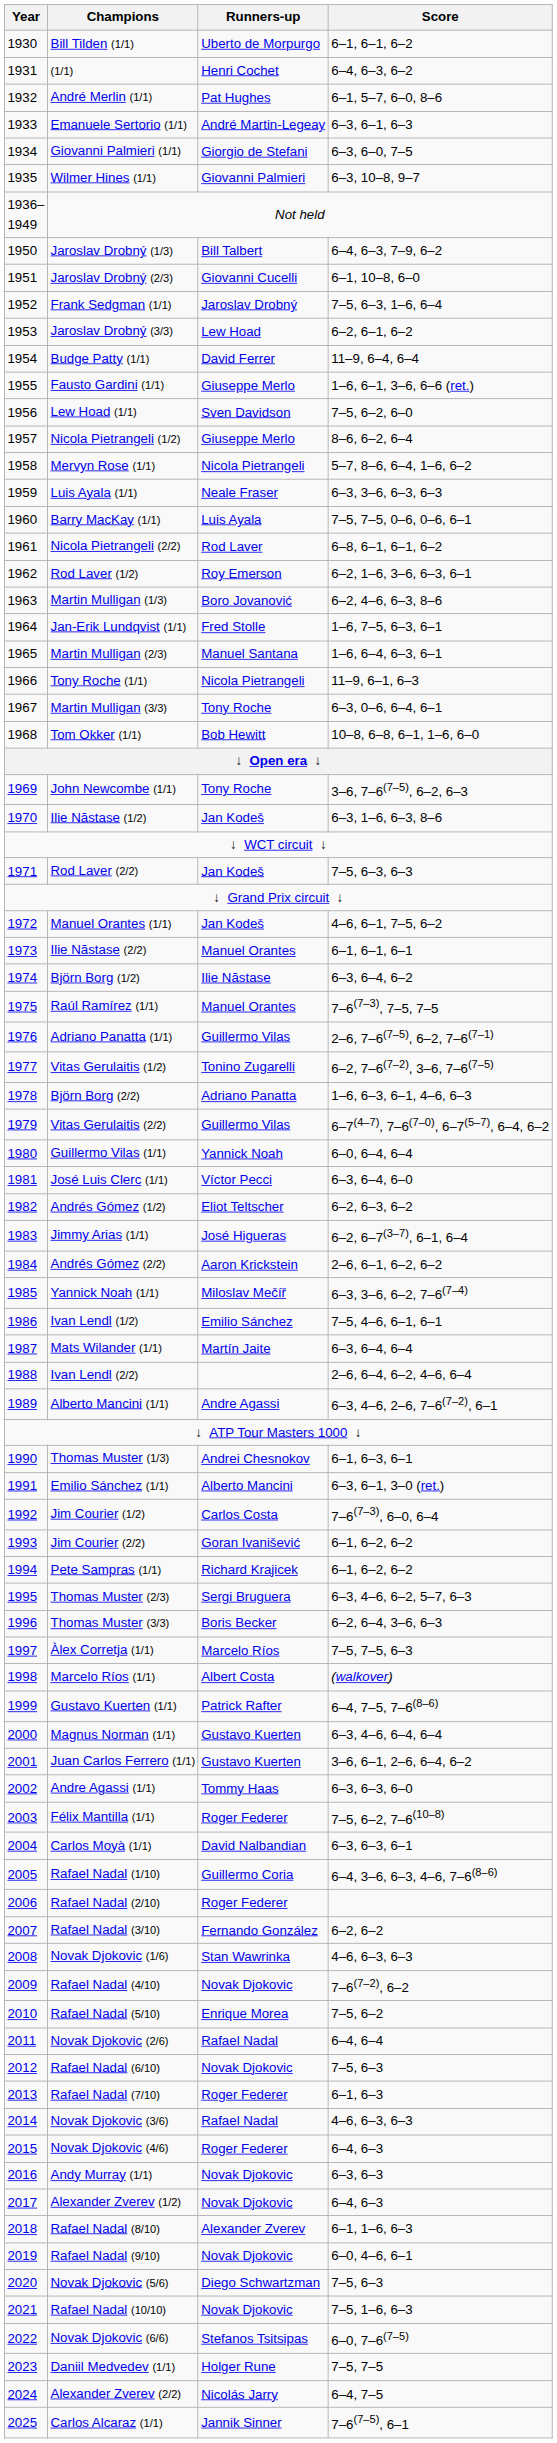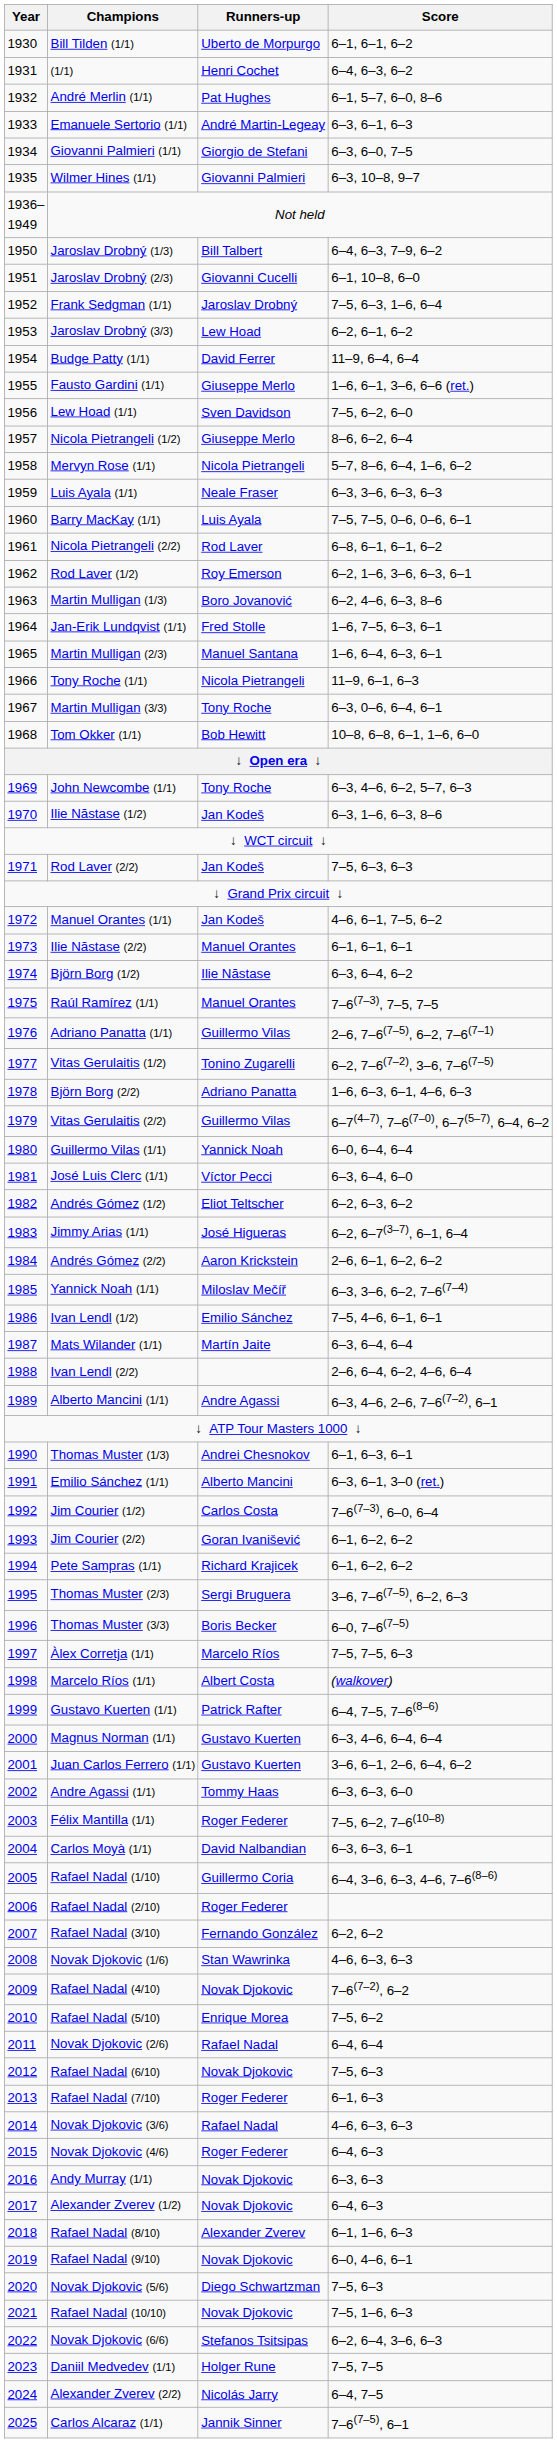 <table class="wikitable sortable" style="font-size:1.00em; line-height:1.5em;">
 <tr>
 <th>Year</th>
 <th>Champions</th>
 <th>Runners-up</th>
 <th class="unsortable">Score</th>
 </tr>
 <tr>
 <td>1930</td>
 <td> <a href='#'>Bill Tilden</a> <small>(1/1)</small></td>
 <td> <a href='#'>Uberto de Morpurgo</a></td>
 <td>6–1, 6–1, 6–2</td>
 </tr>
 <tr>
 <td>1931</td>
 <td> <small>(1/1)</small></td>
 <td> <a href='#'>Henri Cochet</a></td>
 <td>6–4, 6–3, 6–2</td>
 </tr>
 <tr>
 <td>1932</td>
 <td> <a href='#'>André Merlin</a> <small>(1/1)</small></td>
 <td> <a href='#'>Pat Hughes</a></td>
 <td>6–1, 5–7, 6–0, 8–6</td>
 </tr>
 <tr>
 <td>1933</td>
 <td> <a href='#'>Emanuele Sertorio</a> <small>(1/1)</small></td>
 <td> <a href='#'>André Martin-Legeay</a></td>
 <td>6–3, 6–1, 6–3</td>
 </tr>
 <tr>
 <td>1934</td>
 <td> <a href='#'>Giovanni Palmieri</a> <small>(1/1)</small></td>
 <td> <a href='#'>Giorgio de Stefani</a></td>
 <td>6–3, 6–0, 7–5</td>
 </tr>
 <tr>
 <td>1935</td>
 <td> <a href='#'>Wilmer Hines</a> <small>(1/1)</small></td>
 <td> <a href='#'>Giovanni Palmieri</a></td>
 <td>6–3, 10–8, 9–7</td>
 </tr>
 <tr>
 <td>1936–<br>1949</td>
 <td colspan=3 align=center><em>Not held</em></td>
 </tr>
 <tr>
 <td>1950</td>
 <td> <a href='#'>Jaroslav Drobný</a> <small>(1/3)</small></td>
 <td> <a href='#'>Bill Talbert</a></td>
 <td>6–4, 6–3, 7–9, 6–2</td>
 </tr>
 <tr>
 <td>1951</td>
 <td> <a href='#'>Jaroslav Drobný</a> <small>(2/3)</small></td>
 <td> <a href='#'>Giovanni Cucelli</a></td>
 <td>6–1, 10–8, 6–0</td>
 </tr>
 <tr>
 <td>1952</td>
 <td> <a href='#'>Frank Sedgman</a> <small>(1/1)</small></td>
 <td> <a href='#'>Jaroslav Drobný</a></td>
 <td>7–5, 6–3, 1–6, 6–4</td>
 </tr>
 <tr>
 <td>1953</td>
 <td> <a href='#'>Jaroslav Drobný</a> <small>(3/3)</small></td>
 <td> <a href='#'>Lew Hoad</a></td>
 <td>6–2, 6–1, 6–2</td>
 </tr>
 <tr>
 <td>1954</td>
 <td> <a href='#'>Budge Patty</a> <small>(1/1)</small></td>
 <td> <a href='#'>David Ferrer</a></td>
 <td>11–9, 6–4, 6–4</td>
 </tr>
 <tr>
 <td>1955</td>
 <td> <a href='#'>Fausto Gardini</a> <small>(1/1)</small></td>
 <td> <a href='#'>Giuseppe Merlo</a></td>
 <td>1–6, 6–1, 3–6, 6–6 (<a href='#'>ret.</a>)</td>
 </tr>
 <tr>
 <td>1956</td>
 <td> <a href='#'>Lew Hoad</a> <small>(1/1)</small></td>
 <td> <a href='#'>Sven Davidson</a></td>
 <td>7–5, 6–2, 6–0</td>
 </tr>
 <tr>
 <td>1957</td>
 <td> <a href='#'>Nicola Pietrangeli</a> <small>(1/2)</small></td>
 <td> <a href='#'>Giuseppe Merlo</a></td>
 <td>8–6, 6–2, 6–4</td>
 </tr>
 <tr>
 <td>1958</td>
 <td> <a href='#'>Mervyn Rose</a> <small>(1/1)</small></td>
 <td> <a href='#'>Nicola Pietrangeli</a></td>
 <td>5–7, 8–6, 6–4, 1–6, 6–2</td>
 </tr>
 <tr>
 <td>1959</td>
 <td> <a href='#'>Luis Ayala</a> <small>(1/1)</small></td>
 <td> <a href='#'>Neale Fraser</a></td>
 <td>6–3, 3–6, 6–3, 6–3</td>
 </tr>
 <tr>
 <td>1960</td>
 <td> <a href='#'>Barry MacKay</a> <small>(1/1)</small></td>
 <td> <a href='#'>Luis Ayala</a></td>
 <td>7–5, 7–5, 0–6, 0–6, 6–1</td>
 </tr>
 <tr>
 <td>1961</td>
 <td> <a href='#'>Nicola Pietrangeli</a> <small>(2/2)</small></td>
 <td> <a href='#'>Rod Laver</a></td>
 <td>6–8, 6–1, 6–1, 6–2</td>
 </tr>
 <tr>
 <td>1962</td>
 <td> <a href='#'>Rod Laver</a> <small>(1/2)</small></td>
 <td> <a href='#'>Roy Emerson</a></td>
 <td>6–2, 1–6, 3–6, 6–3, 6–1</td>
 </tr>
 <tr>
 <td>1963</td>
 <td> <a href='#'>Martin Mulligan</a> <small>(1/3)</small></td>
 <td> <a href='#'>Boro Jovanović</a></td>
 <td>6–2, 4–6, 6–3, 8–6</td>
 </tr>
 <tr>
 <td>1964</td>
 <td> <a href='#'>Jan-Erik Lundqvist</a> <small>(1/1)</small></td>
 <td> <a href='#'>Fred Stolle</a></td>
 <td>1–6, 7–5, 6–3, 6–1</td>
 </tr>
 <tr>
 <td>1965</td>
 <td> <a href='#'>Martin Mulligan</a> <small>(2/3)</small></td>
 <td> <a href='#'>Manuel Santana</a></td>
 <td>1–6, 6–4, 6–3, 6–1</td>
 </tr>
 <tr>
 <td>1966</td>
 <td> <a href='#'>Tony Roche</a> <small>(1/1)</small></td>
 <td> <a href='#'>Nicola Pietrangeli</a></td>
 <td>11–9, 6–1, 6–3</td>
 </tr>
 <tr>
 <td>1967</td>
 <td> <a href='#'>Martin Mulligan</a> <small>(3/3)</small></td>
 <td> <a href='#'>Tony Roche</a></td>
 <td>6–3, 0–6, 6–4, 6–1</td>
 </tr>
 <tr>
 <td>1968</td>
 <td> <a href='#'>Tom Okker</a> <small>(1/1)</small></td>
 <td> <a href='#'>Bob Hewitt</a></td>
 <td>10–8, 6–8, 6–1, 1–6, 6–0</td>
 </tr>
 <tr>
 <th colspan=5 align=center>↓  <a href='#'>Open era</a>  ↓</th>
 </tr>
 <tr>
 <td><a href='#'>1969</a></td>
 <td> <a href='#'>John Newcombe</a> <small>(1/1)</small></td>
 <td> <a href='#'>Tony Roche</a></td>
-<td>3–6, 7–6<sup>(7–5)</sup>, 6–2, 6–3</td>
+<td>6–3, 4–6, 6–2, 5–7, 6–3</td>
 </tr>
 <tr>
 <td><a href='#'>1970</a></td>
 <td> <a href='#'>Ilie Năstase</a> <small>(1/2)</small></td>
 <td> <a href='#'>Jan Kodeš</a></td>
 <td>6–3, 1–6, 6–3, 8–6</td>
 </tr>
 <tr>
 <td colspan=5 align=center>↓  <a href='#'>WCT circuit</a>  ↓</td>
 </tr>
 <tr>
 <td><a href='#'>1971</a></td>
 <td> <a href='#'>Rod Laver</a> <small>(2/2)</small></td>
 <td> <a href='#'>Jan Kodeš</a></td>
 <td>7–5, 6–3, 6–3</td>
 </tr>
 <tr>
 <td colspan=5 align=center>↓  <a href='#'>Grand Prix circuit</a>  ↓</td>
 </tr>
 <tr>
 <td><a href='#'>1972</a></td>
 <td> <a href='#'>Manuel Orantes</a> <small>(1/1)</small></td>
 <td> <a href='#'>Jan Kodeš</a></td>
 <td>4–6, 6–1, 7–5, 6–2</td>
 </tr>
 <tr>
 <td><a href='#'>1973</a></td>
 <td> <a href='#'>Ilie Năstase</a> <small>(2/2)</small></td>
 <td> <a href='#'>Manuel Orantes</a></td>
 <td>6–1, 6–1, 6–1</td>
 </tr>
 <tr>
 <td><a href='#'>1974</a></td>
 <td> <a href='#'>Björn Borg</a> <small>(1/2)</small></td>
 <td> <a href='#'>Ilie Năstase</a></td>
 <td>6–3, 6–4, 6–2</td>
 </tr>
 <tr>
 <td><a href='#'>1975</a></td>
 <td> <a href='#'>Raúl Ramírez</a> <small>(1/1)</small></td>
 <td> <a href='#'>Manuel Orantes</a></td>
 <td>7–6<sup>(7–3)</sup>, 7–5, 7–5</td>
 </tr>
 <tr>
 <td><a href='#'>1976</a></td>
 <td> <a href='#'>Adriano Panatta</a> <small>(1/1)</small></td>
 <td> <a href='#'>Guillermo Vilas</a></td>
 <td>2–6, 7–6<sup>(7–5)</sup>, 6–2, 7–6<sup>(7–1)</sup></td>
 </tr>
 <tr>
 <td><a href='#'>1977</a></td>
 <td> <a href='#'>Vitas Gerulaitis</a> <small>(1/2)</small></td>
 <td> <a href='#'>Tonino Zugarelli</a></td>
 <td>6–2, 7–6<sup>(7–2)</sup>, 3–6, 7–6<sup>(7–5)</sup></td>
 </tr>
 <tr>
 <td><a href='#'>1978</a></td>
 <td> <a href='#'>Björn Borg</a> <small>(2/2)</small></td>
 <td> <a href='#'>Adriano Panatta</a></td>
 <td>1–6, 6–3, 6–1, 4–6, 6–3</td>
 </tr>
 <tr>
 <td><a href='#'>1979</a></td>
 <td> <a href='#'>Vitas Gerulaitis</a> <small>(2/2)</small></td>
 <td> <a href='#'>Guillermo Vilas</a></td>
 <td>6–7<sup>(4–7)</sup>, 7–6<sup>(7–0)</sup>, 6–7<sup>(5–7)</sup>, 6–4, 6–2</td>
 </tr>
 <tr>
 <td><a href='#'>1980</a></td>
 <td> <a href='#'>Guillermo Vilas</a> <small>(1/1)</small></td>
 <td> <a href='#'>Yannick Noah</a></td>
 <td>6–0, 6–4, 6–4</td>
 </tr>
 <tr>
 <td><a href='#'>1981</a></td>
 <td> <a href='#'>José Luis Clerc</a> <small>(1/1)</small></td>
 <td> <a href='#'>Víctor Pecci</a></td>
 <td>6–3, 6–4, 6–0</td>
 </tr>
 <tr>
 <td><a href='#'>1982</a></td>
 <td> <a href='#'>Andrés Gómez</a> <small>(1/2)</small></td>
 <td> <a href='#'>Eliot Teltscher</a></td>
 <td>6–2, 6–3, 6–2</td>
 </tr>
 <tr>
 <td><a href='#'>1983</a></td>
 <td> <a href='#'>Jimmy Arias</a> <small>(1/1)</small></td>
 <td> <a href='#'>José Higueras</a></td>
 <td>6–2, 6–7<sup>(3–7)</sup>, 6–1, 6–4</td>
 </tr>
 <tr>
 <td><a href='#'>1984</a></td>
 <td> <a href='#'>Andrés Gómez</a> <small>(2/2)</small></td>
 <td> <a href='#'>Aaron Krickstein</a></td>
 <td>2–6, 6–1, 6–2, 6–2</td>
 </tr>
 <tr>
 <td><a href='#'>1985</a></td>
 <td> <a href='#'>Yannick Noah</a> <small>(1/1)</small></td>
 <td> <a href='#'>Miloslav Mečíř</a></td>
 <td>6–3, 3–6, 6–2, 7–6<sup>(7–4)</sup></td>
 </tr>
 <tr>
 <td><a href='#'>1986</a></td>
 <td> <a href='#'>Ivan Lendl</a> <small>(1/2)</small></td>
 <td> <a href='#'>Emilio Sánchez</a></td>
 <td>7–5, 4–6, 6–1, 6–1</td>
 </tr>
 <tr>
 <td><a href='#'>1987</a></td>
 <td> <a href='#'>Mats Wilander</a> <small>(1/1)</small></td>
 <td> <a href='#'>Martín Jaite</a></td>
 <td>6–3, 6–4, 6–4</td>
 </tr>
 <tr>
 <td><a href='#'>1988</a></td>
 <td> <a href='#'>Ivan Lendl</a> <small>(2/2)</small></td>
 <td></td>
 <td>2–6, 6–4, 6–2, 4–6, 6–4</td>
 </tr>
 <tr>
 <td><a href='#'>1989</a></td>
 <td> <a href='#'>Alberto Mancini</a> <small>(1/1)</small></td>
 <td> <a href='#'>Andre Agassi</a></td>
 <td>6–3, 4–6, 2–6, 7–6<sup>(7–2)</sup>, 6–1</td>
 </tr>
 <tr>
 <td colspan=5 align=center>↓  <a href='#'>ATP Tour Masters 1000</a>  ↓</td>
 </tr>
 <tr>
 <td><a href='#'>1990</a></td>
 <td> <a href='#'>Thomas Muster</a> <small>(1/3)</small></td>
 <td> <a href='#'>Andrei Chesnokov</a></td>
 <td>6–1, 6–3, 6–1</td>
 </tr>
 <tr>
 <td><a href='#'>1991</a></td>
 <td> <a href='#'>Emilio Sánchez</a> <small>(1/1)</small></td>
 <td> <a href='#'>Alberto Mancini</a></td>
 <td>6–3, 6–1, 3–0 (<a href='#'>ret.</a>)</td>
 </tr>
 <tr>
 <td><a href='#'>1992</a></td>
 <td> <a href='#'>Jim Courier</a> <small>(1/2)</small></td>
 <td> <a href='#'>Carlos Costa</a></td>
 <td>7–6<sup>(7–3)</sup>, 6–0, 6–4</td>
 </tr>
 <tr>
 <td><a href='#'>1993</a></td>
 <td> <a href='#'>Jim Courier</a> <small>(2/2)</small></td>
 <td> <a href='#'>Goran Ivanišević</a></td>
 <td>6–1, 6–2, 6–2</td>
 </tr>
 <tr>
 <td><a href='#'>1994</a></td>
 <td> <a href='#'>Pete Sampras</a> <small>(1/1)</small></td>
 <td> <a href='#'>Richard Krajicek</a></td>
 <td>6–1, 6–2, 6–2</td>
 </tr>
 <tr>
 <td><a href='#'>1995</a></td>
 <td> <a href='#'>Thomas Muster</a> <small>(2/3)</small></td>
 <td> <a href='#'>Sergi Bruguera</a></td>
-<td>6–3, 4–6, 6–2, 5–7, 6–3</td>
+<td>3–6, 7–6<sup>(7–5)</sup>, 6–2, 6–3</td>
 </tr>
 <tr>
 <td><a href='#'>1996</a></td>
 <td> <a href='#'>Thomas Muster</a> <small>(3/3)</small></td>
 <td> <a href='#'>Boris Becker</a></td>
-<td>6–2, 6–4, 3–6, 6–3</td>
+<td>6–0, 7–6<sup>(7–5)</sup></td>
 </tr>
 <tr>
 <td><a href='#'>1997</a></td>
 <td> <a href='#'>Àlex Corretja</a> <small>(1/1)</small></td>
 <td> <a href='#'>Marcelo Ríos</a></td>
 <td>7–5, 7–5, 6–3</td>
 </tr>
 <tr>
 <td><a href='#'>1998</a></td>
 <td> <a href='#'>Marcelo Ríos</a> <small>(1/1)</small></td>
 <td> <a href='#'>Albert Costa</a></td>
 <td><em>(<a href='#'>walkover</a>)</em></td>
 </tr>
 <tr>
 <td><a href='#'>1999</a></td>
 <td> <a href='#'>Gustavo Kuerten</a> <small>(1/1)</small></td>
 <td> <a href='#'>Patrick Rafter</a></td>
 <td>6–4, 7–5, 7–6<sup>(8–6)</sup></td>
 </tr>
 <tr>
 <td><a href='#'>2000</a></td>
 <td> <a href='#'>Magnus Norman</a> <small>(1/1)</small></td>
 <td> <a href='#'>Gustavo Kuerten</a></td>
 <td>6–3, 4–6, 6–4, 6–4</td>
 </tr>
 <tr>
 <td><a href='#'>2001</a></td>
 <td> <a href='#'>Juan Carlos Ferrero</a> <small>(1/1)</small></td>
 <td> <a href='#'>Gustavo Kuerten</a></td>
 <td>3–6, 6–1, 2–6, 6–4, 6–2</td>
 </tr>
 <tr>
 <td><a href='#'>2002</a></td>
 <td> <a href='#'>Andre Agassi</a> <small>(1/1)</small></td>
 <td> <a href='#'>Tommy Haas</a></td>
 <td>6–3, 6–3, 6–0</td>
 </tr>
 <tr>
 <td><a href='#'>2003</a></td>
 <td> <a href='#'>Félix Mantilla</a> <small>(1/1)</small></td>
 <td> <a href='#'>Roger Federer</a></td>
 <td>7–5, 6–2, 7–6<sup>(10–8)</sup></td>
 </tr>
 <tr>
 <td><a href='#'>2004</a></td>
 <td> <a href='#'>Carlos Moyà</a> <small>(1/1)</small></td>
 <td> <a href='#'>David Nalbandian</a></td>
 <td>6–3, 6–3, 6–1</td>
 </tr>
 <tr>
 <td><a href='#'>2005</a></td>
 <td> <a href='#'>Rafael Nadal</a> <small>(1/10)</small></td>
 <td> <a href='#'>Guillermo Coria</a></td>
 <td>6–4, 3–6, 6–3, 4–6, 7–6<sup>(8–6)</sup></td>
 </tr>
 <tr>
 <td><a href='#'>2006</a></td>
 <td> <a href='#'>Rafael Nadal</a> <small>(2/10)</small></td>
 <td> <a href='#'>Roger Federer</a></td>
 <td></td>
 </tr>
 <tr>
 <td><a href='#'>2007</a></td>
 <td> <a href='#'>Rafael Nadal</a> <small>(3/10)</small></td>
 <td> <a href='#'>Fernando González</a></td>
 <td>6–2, 6–2</td>
 </tr>
 <tr>
 <td><a href='#'>2008</a></td>
 <td> <a href='#'>Novak Djokovic</a> <small>(1/6)</small></td>
 <td> <a href='#'>Stan Wawrinka</a></td>
 <td>4–6, 6–3, 6–3</td>
 </tr>
 <tr>
 <td><a href='#'>2009</a></td>
 <td> <a href='#'>Rafael Nadal</a> <small>(4/10)</small></td>
 <td> <a href='#'>Novak Djokovic</a></td>
 <td>7–6<sup>(7–2)</sup>, 6–2</td>
 </tr>
 <tr>
 <td><a href='#'>2010</a></td>
 <td> <a href='#'>Rafael Nadal</a> <small>(5/10)</small></td>
 <td> <a href='#'>Enrique Morea</a></td>
 <td>7–5, 6–2</td>
 </tr>
 <tr>
 <td><a href='#'>2011</a></td>
 <td> <a href='#'>Novak Djokovic</a> <small>(2/6)</small></td>
 <td> <a href='#'>Rafael Nadal</a></td>
 <td>6–4, 6–4</td>
 </tr>
 <tr>
 <td><a href='#'>2012</a></td>
 <td> <a href='#'>Rafael Nadal</a> <small>(6/10)</small></td>
 <td> <a href='#'>Novak Djokovic</a></td>
 <td>7–5, 6–3</td>
 </tr>
 <tr>
 <td><a href='#'>2013</a></td>
 <td> <a href='#'>Rafael Nadal</a> <small>(7/10)</small></td>
 <td> <a href='#'>Roger Federer</a></td>
 <td>6–1, 6–3</td>
 </tr>
 <tr>
 <td><a href='#'>2014</a></td>
 <td> <a href='#'>Novak Djokovic</a> <small>(3/6)</small></td>
 <td> <a href='#'>Rafael Nadal</a></td>
 <td>4–6, 6–3, 6–3</td>
 </tr>
 <tr>
 <td><a href='#'>2015</a></td>
 <td> <a href='#'>Novak Djokovic</a> <small>(4/6)</small></td>
 <td> <a href='#'>Roger Federer</a></td>
 <td>6–4, 6–3</td>
 </tr>
 <tr>
 <td><a href='#'>2016</a></td>
 <td> <a href='#'>Andy Murray</a> <small>(1/1)</small></td>
 <td> <a href='#'>Novak Djokovic</a></td>
 <td>6–3, 6–3</td>
 </tr>
 <tr>
 <td><a href='#'>2017</a></td>
 <td> <a href='#'>Alexander Zverev</a> <small>(1/2)</small></td>
 <td> <a href='#'>Novak Djokovic</a></td>
 <td>6–4, 6–3</td>
 </tr>
 <tr>
 <td><a href='#'>2018</a></td>
 <td> <a href='#'>Rafael Nadal</a> <small>(8/10)</small></td>
 <td> <a href='#'>Alexander Zverev</a></td>
 <td>6–1, 1–6, 6–3</td>
 </tr>
 <tr>
 <td><a href='#'>2019</a></td>
 <td> <a href='#'>Rafael Nadal</a> <small>(9/10)</small></td>
 <td> <a href='#'>Novak Djokovic</a></td>
 <td>6–0, 4–6, 6–1</td>
 </tr>
 <tr>
 <td><a href='#'>2020</a></td>
 <td> <a href='#'>Novak Djokovic</a> <small>(5/6)</small></td>
 <td> <a href='#'>Diego Schwartzman</a></td>
 <td>7–5, 6–3</td>
 </tr>
 <tr>
 <td><a href='#'>2021</a></td>
 <td> <a href='#'>Rafael Nadal</a> <small>(10/10)</small></td>
 <td> <a href='#'>Novak Djokovic</a></td>
 <td>7–5,  1–6, 6–3</td>
 </tr>
 <tr>
 <td><a href='#'>2022</a></td>
 <td> <a href='#'>Novak Djokovic</a> <small>(6/6)</small></td>
 <td> <a href='#'>Stefanos Tsitsipas</a></td>
-<td>6–0, 7–6<sup>(7–5)</sup></td>
+<td>6–2, 6–4, 3–6, 6–3</td>
 </tr>
 <tr>
 <td><a href='#'>2023</a></td>
 <td> <a href='#'>Daniil Medvedev</a> <small>(1/1)</small></td>
 <td> <a href='#'>Holger Rune</a></td>
 <td>7–5, 7–5</td>
 </tr>
 <tr>
 <td><a href='#'>2024</a></td>
 <td> <a href='#'>Alexander Zverev</a> <small>(2/2)</small></td>
 <td> <a href='#'>Nicolás Jarry</a></td>
 <td>6–4, 7–5</td>
 </tr>
 <tr>
 <td><a href='#'>2025</a></td>
 <td> <a href='#'>Carlos Alcaraz</a> <small>(1/1)</small></td>
 <td> <a href='#'>Jannik Sinner</a></td>
 <td>7–6<sup>(7–5)</sup>, 6–1</td>
 </tr>
 </table>
